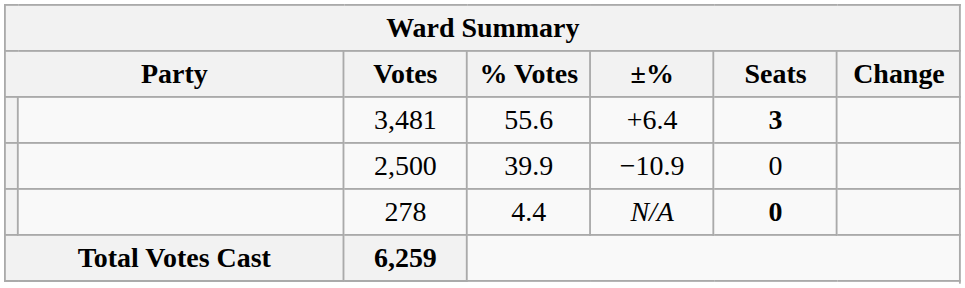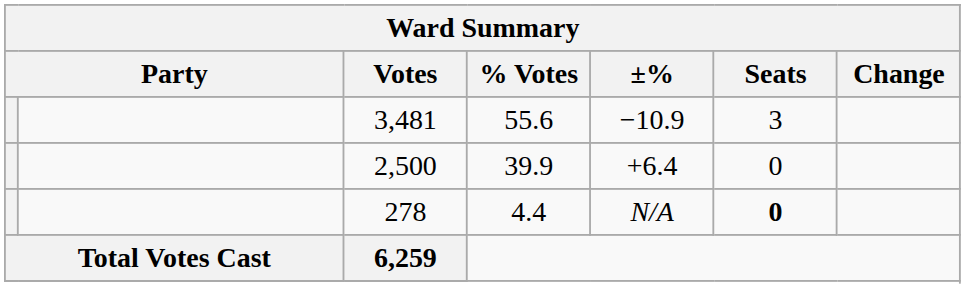 <table class="wikitable" style="font-size: 95%;">
 <tr>
 <th colspan="7">Ward Summary</th>
 </tr>
 <tr>
 <th colspan="2">Party</th>
 <th style="width: 60px">Votes</th>
 <th style="width: 60px">% Votes</th>
 <th style="width: 60px">±%</th>
 <th style="width: 60px">Seats</th>
 <th style="width: 60px">Change</th>
 </tr>
 <tr>
 <th style="background-color: "></th>
 <td style="width: 170px"><a href='#'></a></td>
 <td align="center">3,481</td>
 <td align="center">55.6</td>
-<td align="center">+6.4</td>
-<td align="center"><strong>3</strong></td>
+<td align="center">−10.9</td>
+<td align="center">3</td>
 <td align="center"></td>
 </tr>
 <tr>
 <th style="background-color: "></th>
 <td style="width: 170px"><a href='#'></a></td>
 <td align="center">2,500</td>
 <td align="center">39.9</td>
-<td align="center">−10.9</td>
+<td align="center">+6.4</td>
 <td align="center">0</td>
 <td align="center"></td>
 </tr>
 <tr>
 <th style="background-color: "></th>
 <td style="width: 170px"><a href='#'></a></td>
 <td align="center">278</td>
 <td align="center">4.4</td>
 <td align="center"><em>N/A</em></td>
 <td align="center"><strong>0</strong></td>
 <td align="center"></td>
 </tr>
 <tr style="background-color:#E9E9E9">
 <th colspan="2">Total Votes Cast</th>
 <th style="width: 60px">6,259</th>
 </tr>
 <tr style="background-color:#E9E9E9">
 </tr>
 </table>
